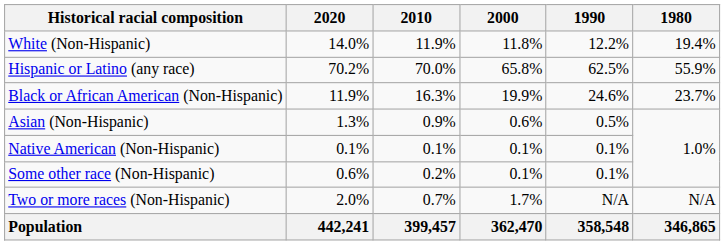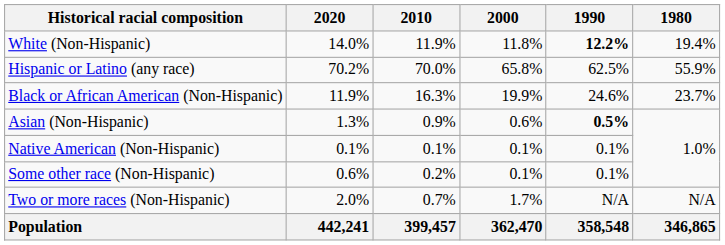 <table class="wikitable" style="font-size: 90%; text-align: right;">
 <tr>
 <th>Historical racial composition</th>
 <th style="width: 5em;">2020</th>
 <th style="width: 5em;">2010</th>
 <th style="width: 5em;">2000</th>
 <th style="width: 5em;">1990</th>
 <th style="width: 5em;">1980</th>
 </tr>
 <tr>
 <td style="text-align:left"><a href='#'>White</a> (Non-Hispanic)</td>
 <td>14.0%</td>
 <td>11.9%</td>
 <td>11.8%</td>
-<td>12.2%</td>
+<td><strong>12.2%</strong></td>
 <td>19.4%</td>
 </tr>
 <tr>
 <td style="text-align:left"><a href='#'>Hispanic or Latino</a> (any race)</td>
 <td>70.2%</td>
 <td>70.0%</td>
 <td>65.8%</td>
 <td>62.5%</td>
 <td>55.9%</td>
 </tr>
 <tr>
 <td style="text-align:left"><a href='#'>Black or African American</a> (Non-Hispanic)</td>
 <td>11.9%</td>
 <td>16.3%</td>
 <td>19.9%</td>
 <td>24.6%</td>
 <td>23.7%</td>
 </tr>
 <tr>
 <td style="text-align:left"><a href='#'>Asian</a> (Non-Hispanic)</td>
 <td>1.3%</td>
 <td>0.9%</td>
 <td>0.6%</td>
-<td>0.5%</td>
+<td><strong>0.5%</strong></td>
 <td rowspan="3">1.0%</td>
 </tr>
 <tr>
 <td style="text-align:left"><a href='#'>Native American</a> (Non-Hispanic)</td>
 <td>0.1%</td>
 <td>0.1%</td>
 <td>0.1%</td>
 <td>0.1%</td>
 </tr>
 <tr>
 <td style="text-align:left"><a href='#'>Some other race</a> (Non-Hispanic)</td>
 <td>0.6%</td>
 <td>0.2%</td>
 <td>0.1%</td>
 <td>0.1%</td>
 </tr>
 <tr>
 <td style="text-align:left"><a href='#'>Two or more races</a> (Non-Hispanic)</td>
 <td>2.0%</td>
 <td>0.7%</td>
 <td>1.7%</td>
 <td>N/A</td>
 <td>N/A</td>
 </tr>
 <tr>
 <th style="text-align:left">Population</th>
 <th style="text-align:right">442,241</th>
 <th style="text-align:right">399,457</th>
 <th style="text-align:right">362,470</th>
 <th style="text-align:right">358,548</th>
 <th style="text-align:right">346,865</th>
 </tr>
 </table>
